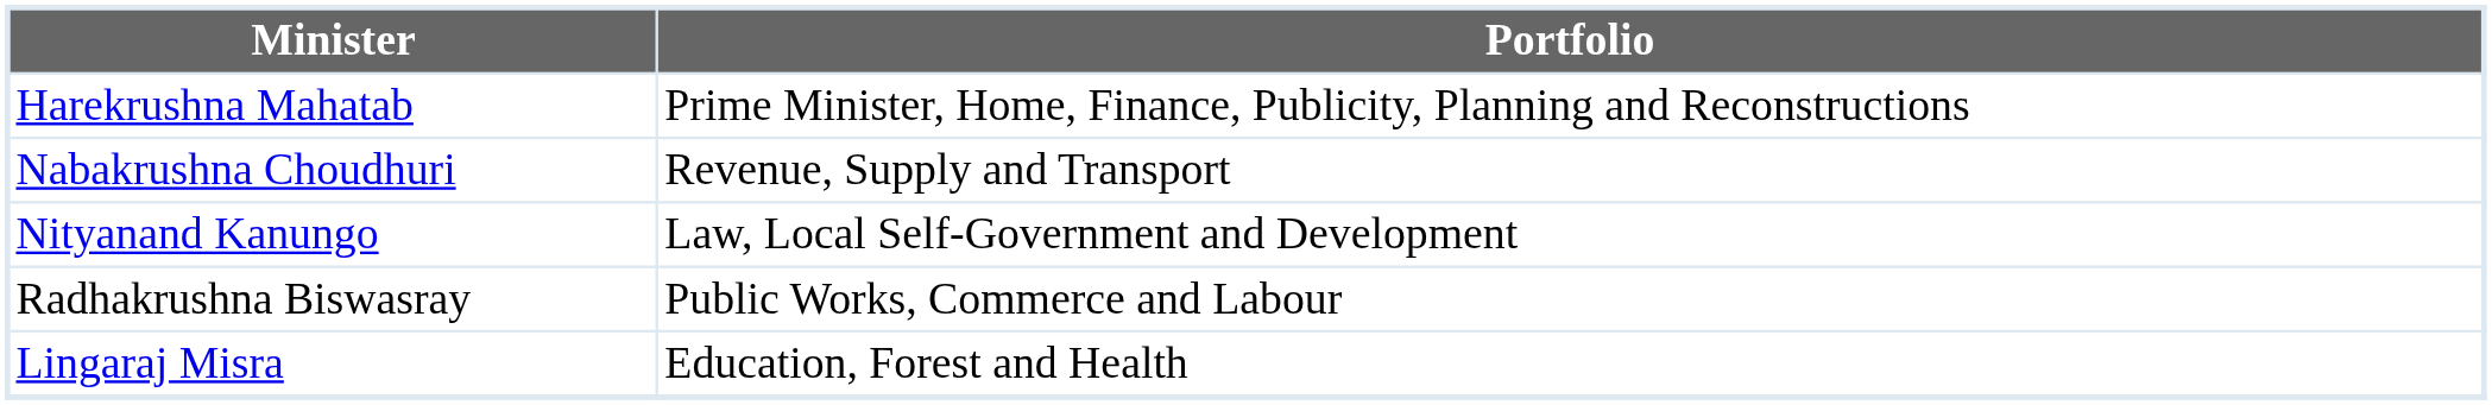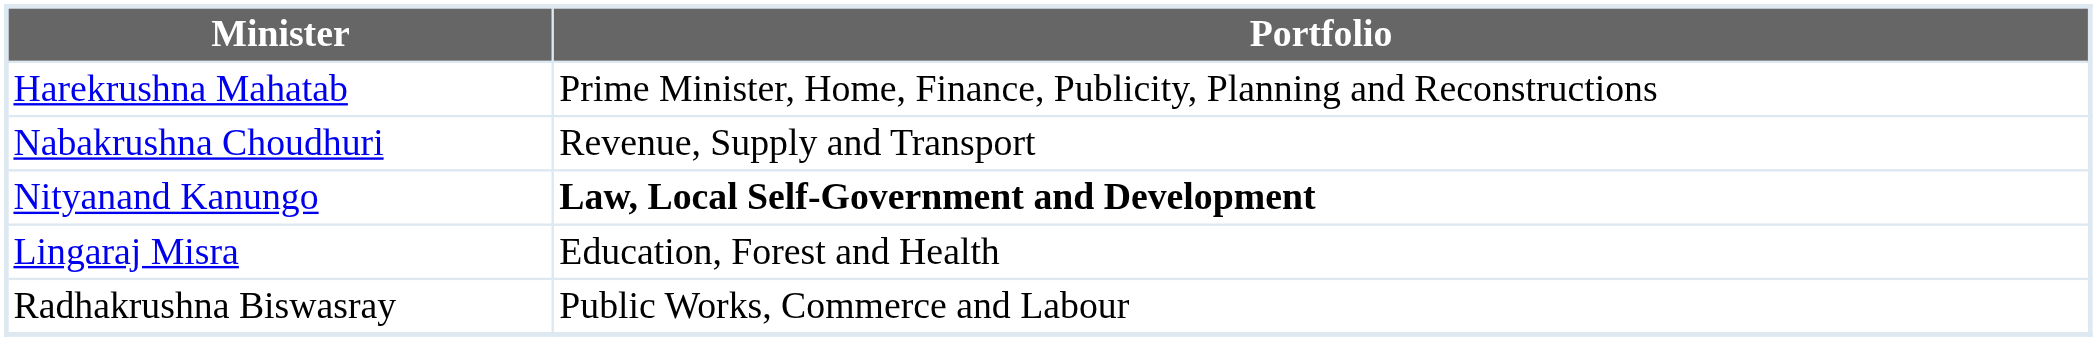 <table width="70%" cellpadding="2" cellspacing="0" border="1" style="border-collapse: collapse; border: 2px #DEE8F1 solid; font-size: x-big; font-family: verdana">
 <tr>
 <th style="background-color:#666666; color:white">Minister</th>
 <th style="background-color:#666666; color:white">Portfolio</th>
 </tr>
 <tr>
 <td><a href='#'>Harekrushna Mahatab</a></td>
 <td>Prime Minister, Home, Finance, Publicity, Planning and Reconstructions</td>
 </tr>
 <tr>
 <td><a href='#'>Nabakrushna Choudhuri</a></td>
 <td>Revenue, Supply and Transport</td>
 </tr>
 <tr>
 <td><a href='#'>Nityanand Kanungo</a></td>
-<td>Law, Local Self-Government and Development</td>
+<td><strong>Law, Local Self-Government and Development</strong></td>
+</tr>
+<tr>
+<td><a href='#'>Lingaraj Misra</a></td>
+<td>Education, Forest and Health</td>
 </tr>
 <tr>
 <td>Radhakrushna Biswasray</td>
 <td>Public Works, Commerce and Labour</td>
 </tr>
-<tr>
-<td><a href='#'>Lingaraj Misra</a></td>
-<td>Education, Forest and Health</td>
-</tr>
 </table>
